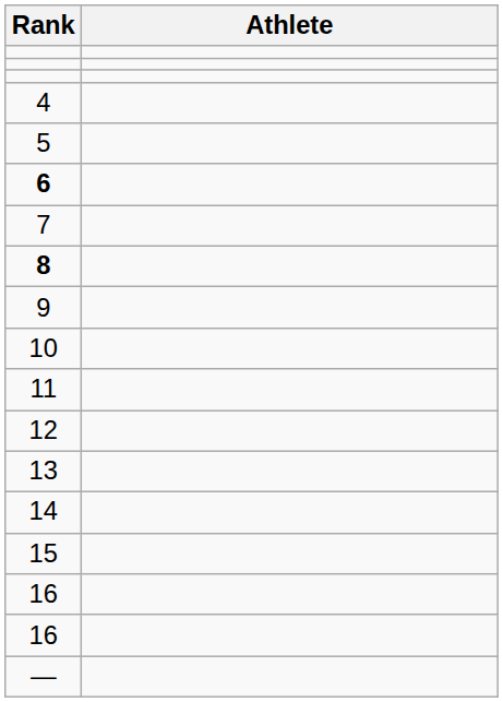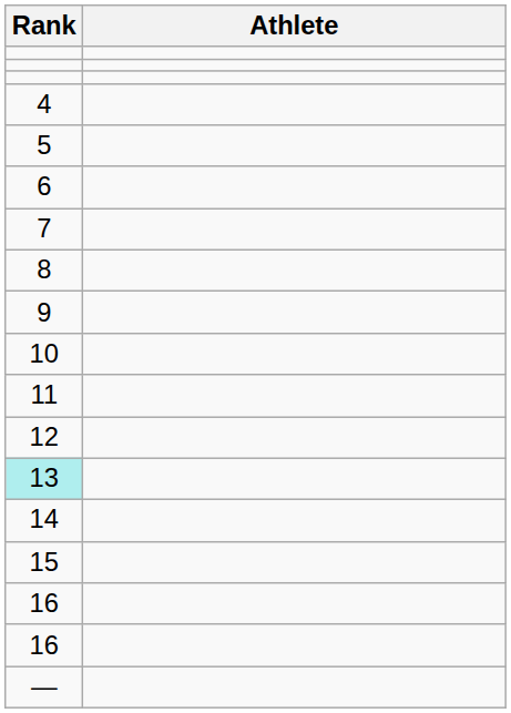 <table class="wikitable" style="text-align: center;">
 <tr>
 <th width=40>Rank</th>
 <th width=250>Athlete</th>
 </tr>
 <tr>
 <td></td>
 <td align=left></td>
 </tr>
 <tr>
 <td></td>
 <td align=left></td>
 </tr>
 <tr>
 <td></td>
 <td align=left></td>
 </tr>
 <tr>
 <td>4</td>
 <td align=left></td>
 </tr>
 <tr>
 <td>5</td>
 <td align=left></td>
 </tr>
 <tr>
-<td><strong>6</strong></td>
+<td>6</td>
 <td align=left></td>
 </tr>
 <tr>
 <td>7</td>
 <td align=left></td>
 </tr>
 <tr>
-<td><strong>8</strong></td>
+<td>8</td>
 <td align=left></td>
 </tr>
 <tr>
 <td>9</td>
 <td align=left></td>
 </tr>
 <tr>
 <td>10</td>
 <td align=left></td>
 </tr>
 <tr>
 <td>11</td>
 <td align=left></td>
 </tr>
 <tr>
 <td>12</td>
 <td align=left></td>
 </tr>
 <tr>
-<td>13</td>
+<td style="background: paleturquoise;">13</td>
 <td align=left></td>
 </tr>
 <tr>
 <td>14</td>
 <td align=left></td>
 </tr>
 <tr>
 <td>15</td>
 <td align=left></td>
 </tr>
 <tr>
 <td>16</td>
 <td align=left></td>
 </tr>
 <tr>
 <td>16</td>
 <td align=left></td>
 </tr>
 <tr>
 <td>—</td>
 <td align=left></td>
 </tr>
 </table>
